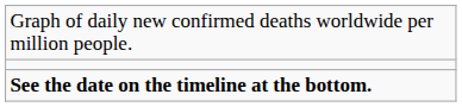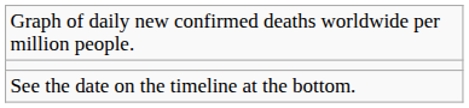 <table class=wikitable>
 <tr>
 <td style=max-width:350px>Graph of daily new confirmed deaths worldwide per million people.</td>
 </tr>
 <tr>
 <td></td>
 </tr>
 <tr>
-<td style=max-width:300px><strong>See the date on the timeline at the bottom.</strong></td>
+<td style=max-width:300px>See the date on the timeline at the bottom.</td>
 </tr>
 </table>
